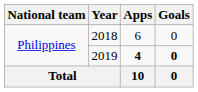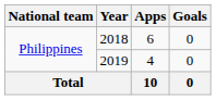 <table class=wikitable style=text-align:center>
 <tr>
 <th>National team</th>
 <th>Year</th>
 <th>Apps</th>
 <th>Goals</th>
 </tr>
 <tr>
 <td rowspan="2"><a href='#'>Philippines</a></td>
 <td>2018</td>
 <td>6</td>
 <td>0</td>
 </tr>
 <tr>
 <td>2019</td>
-<td><strong>4</strong></td>
-<td><strong>0</strong></td>
+<td>4</td>
+<td>0</td>
 </tr>
 <tr>
 <th colspan="2">Total</th>
 <th>10</th>
 <th>0</th>
 </tr>
 </table>
